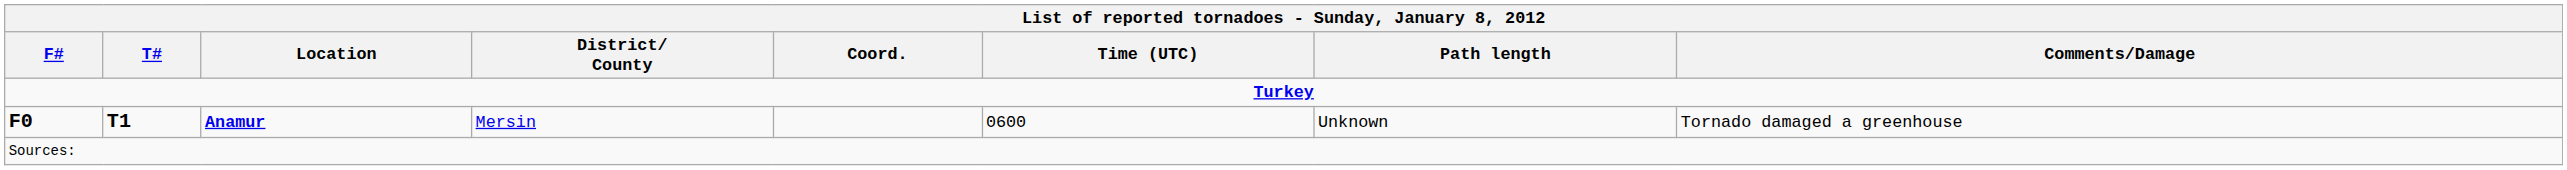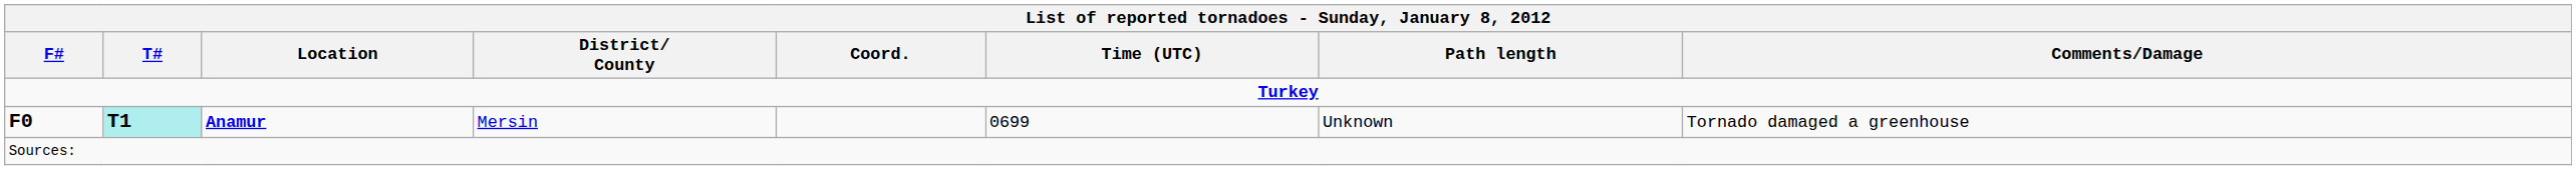 <table class="wikitable collapsible" width="100%">
 <tr>
 <th colspan="8">List of reported tornadoes - Sunday, January 8, 2012</th>
 </tr>
 <tr>
 <th><a href='#'>F#</a></th>
 <th><a href='#'>T#</a></th>
 <th>Location</th>
 <th>District/<br>County</th>
 <th>Coord.</th>
 <th>Time (UTC)</th>
 <th>Path length</th>
 <th>Comments/Damage</th>
 </tr>
 <tr>
 <td colspan="8" align=center><strong><a href='#'>Turkey</a></strong></td>
 </tr>
 <tr>
 <td><big><strong>F0</strong></big></td>
-<td><big><strong>T1</strong></big></td>
+<td style="background: paleturquoise;"><big><strong>T1</strong></big></td>
 <td><strong><a href='#'>Anamur</a></strong></td>
 <td><a href='#'>Mersin</a></td>
 <td></td>
-<td>0600</td>
+<td>0699</td>
 <td>Unknown</td>
 <td>Tornado damaged a greenhouse</td>
 </tr>
 <tr>
 <td colspan="8"><small>Sources:  </small></td>
 </tr>
 </table>
